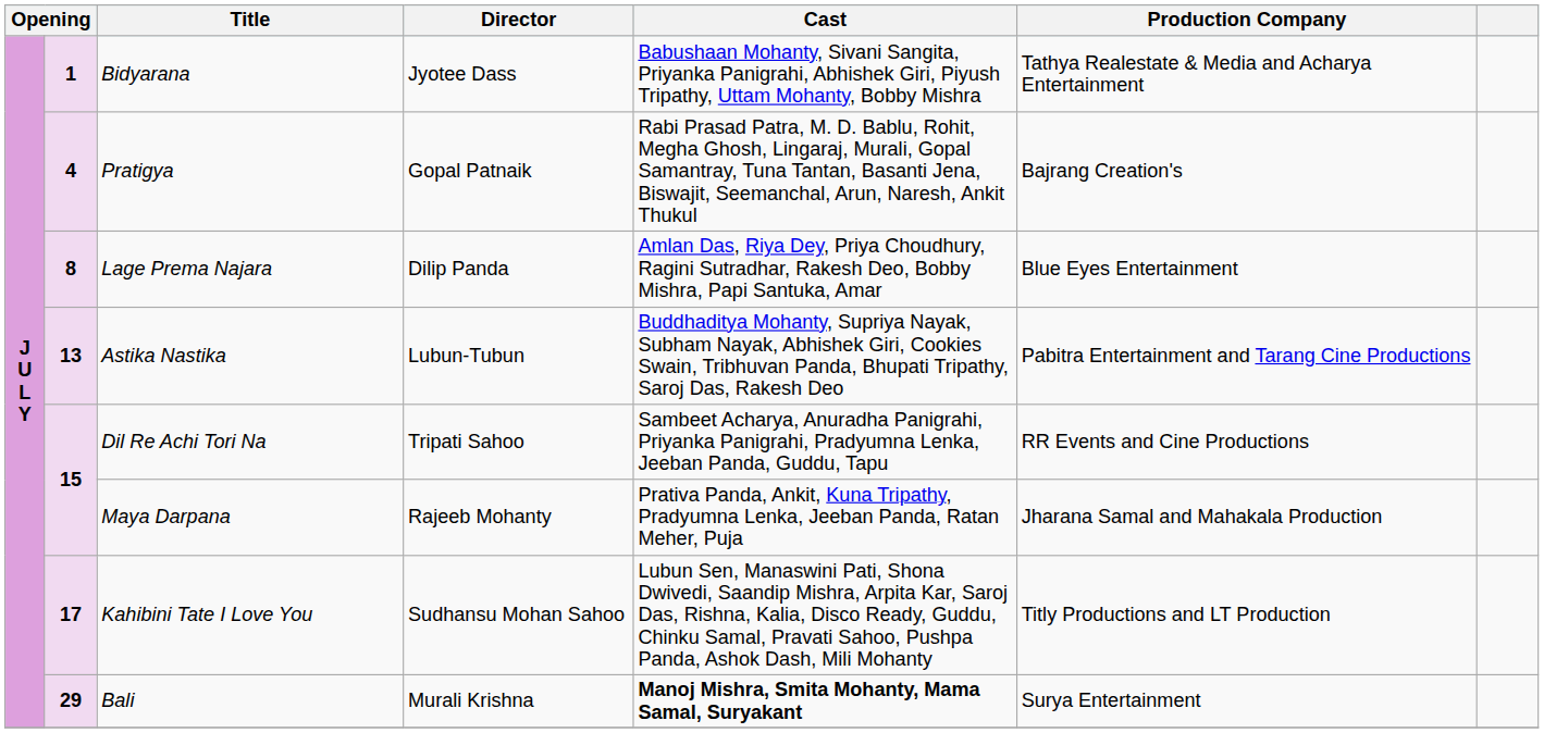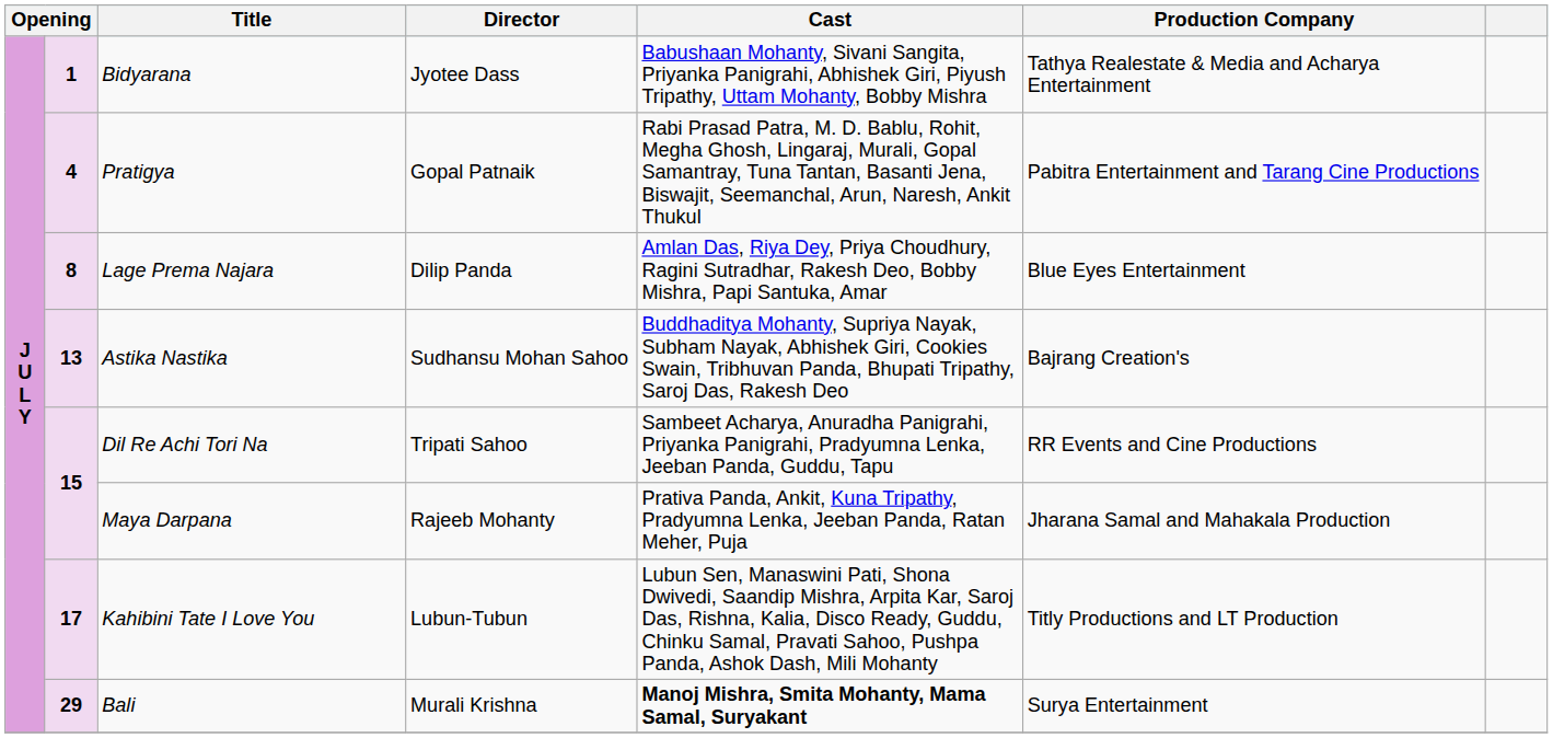 <table class="wikitable sortable">
 <tr style="background:#b0e0e6; text-align:center;">
 <th colspan="2" style="width:6%;"><strong>Opening</strong></th>
 <th style="width:20%;"><strong>Title</strong></th>
 <th style="width:15%;"><strong>Director</strong></th>
 <th style="width:25%;"><strong>Cast</strong></th>
 <th style="width:30%;"><strong>Production Company</strong></th>
 <th scope="col" class="unsortable"></th>
 </tr>
 <tr>
 <th rowspan="8" style="text-align:center; background:plum; text color:#000;">J<br>U<br>L<br>Y</th>
 <td rowspan="1" style="text-align:center; background:#f1daf1"><strong>1</strong></td>
 <td><em>Bidyarana</em></td>
 <td>Jyotee Dass</td>
 <td><a href='#'>Babushaan Mohanty</a>, Sivani Sangita, Priyanka Panigrahi, Abhishek Giri, Piyush Tripathy, <a href='#'>Uttam Mohanty</a>, Bobby Mishra</td>
 <td>Tathya Realestate & Media and Acharya Entertainment</td>
 <td></td>
 </tr>
 <tr>
 <td rowspan="1" style="text-align:center; background:#f1daf1"><strong>4</strong></td>
 <td><em>Pratigya</em></td>
 <td>Gopal Patnaik</td>
 <td>Rabi Prasad Patra, M. D. Bablu, Rohit, Megha Ghosh, Lingaraj, Murali, Gopal Samantray, Tuna Tantan, Basanti Jena, Biswajit, Seemanchal, Arun, Naresh, Ankit Thukul</td>
-<td>Bajrang Creation's</td>
+<td>Pabitra Entertainment and <a href='#'>Tarang Cine Productions</a></td>
 <td></td>
 </tr>
 <tr>
 <td rowspan="1" style="text-align:center; background:#f1daf1"><strong>8</strong></td>
 <td><em>Lage Prema Najara</em></td>
 <td>Dilip Panda</td>
 <td><a href='#'>Amlan Das</a>, <a href='#'>Riya Dey</a>, Priya Choudhury, Ragini Sutradhar, Rakesh Deo, Bobby Mishra, Papi Santuka, Amar</td>
 <td>Blue Eyes Entertainment</td>
 <td></td>
 </tr>
 <tr>
 <td rowspan="1" style="text-align:center; background:#f1daf1"><strong>13</strong></td>
 <td><em>Astika Nastika</em></td>
-<td>Lubun-Tubun</td>
+<td>Sudhansu Mohan Sahoo</td>
 <td><a href='#'>Buddhaditya Mohanty</a>, Supriya Nayak, Subham Nayak, Abhishek Giri, Cookies Swain, Tribhuvan Panda, Bhupati Tripathy, Saroj Das, Rakesh Deo</td>
-<td>Pabitra Entertainment and <a href='#'>Tarang Cine Productions</a></td>
+<td>Bajrang Creation's</td>
 <td></td>
 </tr>
 <tr>
 <td rowspan="2" style="text-align:center; background:#f1daf1"><strong>15</strong></td>
 <td><em>Dil Re Achi Tori Na</em></td>
 <td>Tripati Sahoo</td>
 <td>Sambeet Acharya, Anuradha Panigrahi, Priyanka Panigrahi, Pradyumna Lenka, Jeeban Panda, Guddu, Tapu</td>
 <td>RR Events and Cine Productions</td>
 <td></td>
 </tr>
 <tr>
 <td><em>Maya Darpana</em></td>
 <td>Rajeeb Mohanty</td>
 <td>Prativa Panda, Ankit, <a href='#'>Kuna Tripathy</a>, Pradyumna Lenka, Jeeban Panda, Ratan Meher, Puja</td>
 <td>Jharana Samal and Mahakala Production</td>
 <td></td>
 </tr>
 <tr>
 <td rowspan="1" style="text-align:center; background:#f1daf1"><strong>17</strong></td>
 <td><em>Kahibini Tate I Love You</em></td>
-<td>Sudhansu Mohan Sahoo</td>
+<td>Lubun-Tubun</td>
 <td>Lubun Sen, Manaswini Pati, Shona Dwivedi, Saandip Mishra, Arpita Kar, Saroj Das, Rishna, Kalia, Disco Ready, Guddu, Chinku Samal, Pravati Sahoo, Pushpa Panda, Ashok Dash, Mili Mohanty</td>
 <td>Titly Productions and LT Production</td>
 <td></td>
 </tr>
 <tr>
 <td rowspan="1" style="text-align:center; background:#f1daf1"><strong>29</strong></td>
 <td><em>Bali</em></td>
 <td>Murali Krishna</td>
 <td><strong>Manoj Mishra, Smita Mohanty, Mama Samal, Suryakant</strong></td>
 <td>Surya Entertainment</td>
 <td></td>
 </tr>
 <tr>
 </tr>
 </table>
